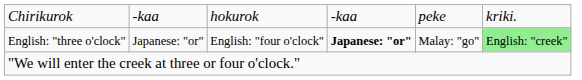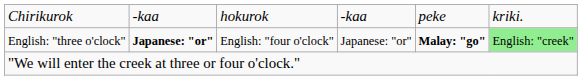 <table class="wikitable">
 <tr>
 <td><em>Chirikurok</em></td>
 <td><em>-kaa</em></td>
 <td><em>hokurok</em></td>
 <td><em>-kaa</em></td>
 <td><em>peke</em></td>
 <td><em>kriki.</em></td>
 </tr>
 <tr style="text-size: 50%;">
 <td><small>English: "three o'clock"</small></td>
+<td><strong><small>Japanese: "or"</small></strong></td>
+<td><small>English: "four o'clock"</small></td>
 <td><small>Japanese: "or"</small></td>
-<td><small>English: "four o'clock"</small></td>
-<td><strong><small>Japanese: "or"</small></strong></td>
-<td><small>Malay: "go"</small></td>
+<td><strong><small>Malay: "go"</small></strong></td>
 <td style="background: lightgreen;"><small>English: "creek"</small></td>
 </tr>
 <tr>
 <td colspan="6">"We will enter the creek at three or four o'clock."</td>
 </tr>
 </table>
